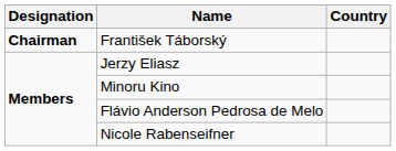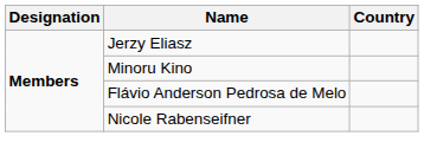 <table class="wikitable">
 <tr>
 <th>Designation</th>
 <th>Name</th>
 <th>Country</th>
-</tr>
-<tr>
-<td><strong>Chairman</strong></td>
-<td>František Táborský</td>
-<td></td>
 </tr>
 <tr>
 <td rowspan=4><strong>Members</strong></td>
 <td>Jerzy Eliasz</td>
 <td></td>
 </tr>
 <tr>
 <td>Minoru Kino</td>
 <td></td>
 </tr>
 <tr>
 <td>Flávio Anderson Pedrosa de Melo</td>
 <td></td>
 </tr>
 <tr>
 <td>Nicole Rabenseifner</td>
 <td></td>
 </tr>
 </table>
